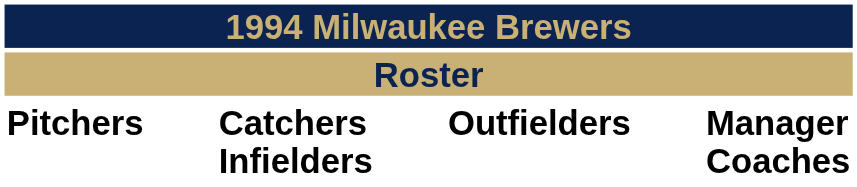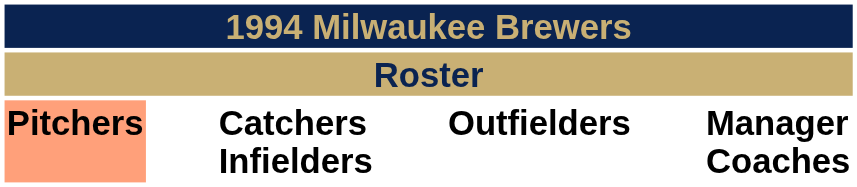 <table class="toccolours" style="font-size: 95%;">
 <tr>
 <th colspan="10" style="background-color: #0a2351; color:#c9b074;  text-align: center;">1994 Milwaukee Brewers</th>
 </tr>
 <tr>
 <td colspan="10" style="background-color: #c9b074; color: #0a2351; text-align: center;"><strong>Roster</strong></td>
 </tr>
 <tr>
-<td valign="top"><strong>Pitchers</strong><br>              </td>
+<td valign="top" style="background: lightsalmon;"><strong>Pitchers</strong><br>              </td>
 <td width="25px"></td>
 <td valign="top"><strong>Catchers</strong><br>     <strong>Infielders</strong>        </td>
 <td width="25px"></td>
 <td valign="top"><strong>Outfielders</strong><br>       </td>
 <td width="25px"></td>
 <td valign="top"><strong>Manager</strong><br> <strong>Coaches</strong>      </td>
 </tr>
 <tr>
 </tr>
 </table>
